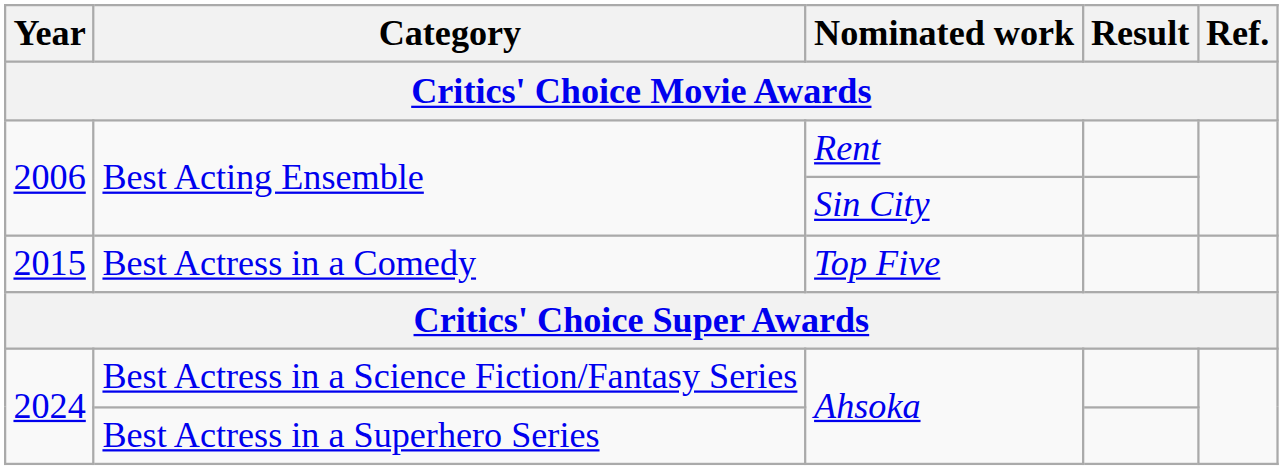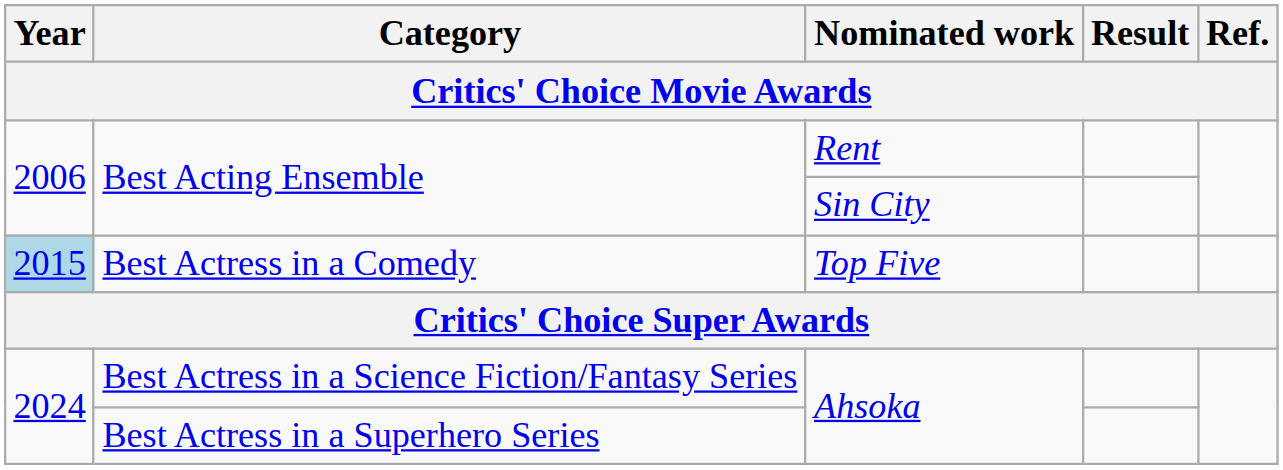 <table class="wikitable">
 <tr>
 <th>Year</th>
 <th>Category</th>
 <th>Nominated work</th>
 <th>Result</th>
 <th>Ref.</th>
 </tr>
 <tr>
 <th Colspan="5"><a href='#'>Critics' Choice Movie Awards</a></th>
 </tr>
 <tr>
 <td rowspan="2"><a href='#'>2006</a></td>
 <td rowspan="2"><a href='#'>Best Acting Ensemble</a></td>
 <td><em><a href='#'>Rent</a></em></td>
 <td></td>
 <td rowspan="2"></td>
 </tr>
 <tr>
 <td><em><a href='#'>Sin City</a></em></td>
 <td></td>
 </tr>
 <tr>
-<td><a href='#'>2015</a></td>
+<td style="background: lightblue;"><a href='#'>2015</a></td>
 <td><a href='#'>Best Actress in a Comedy</a></td>
 <td><em><a href='#'>Top Five</a></em></td>
 <td></td>
 <td></td>
 </tr>
 <tr>
 <th Colspan="5"><a href='#'>Critics' Choice Super Awards</a></th>
 </tr>
 <tr>
 <td rowspan="2"><a href='#'>2024</a></td>
 <td><a href='#'>Best Actress in a Science Fiction/Fantasy Series</a></td>
 <td rowspan="2"><em><a href='#'>Ahsoka</a></em></td>
 <td></td>
 <td rowspan="2"></td>
 </tr>
 <tr>
 <td><a href='#'>Best Actress in a Superhero Series</a></td>
 <td></td>
 </tr>
 </table>
